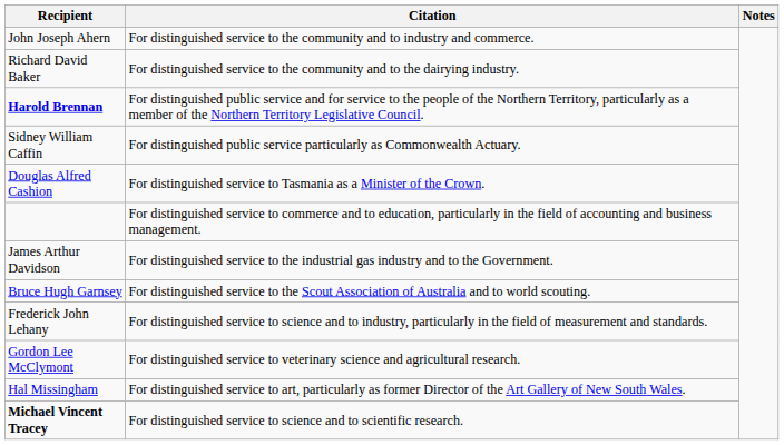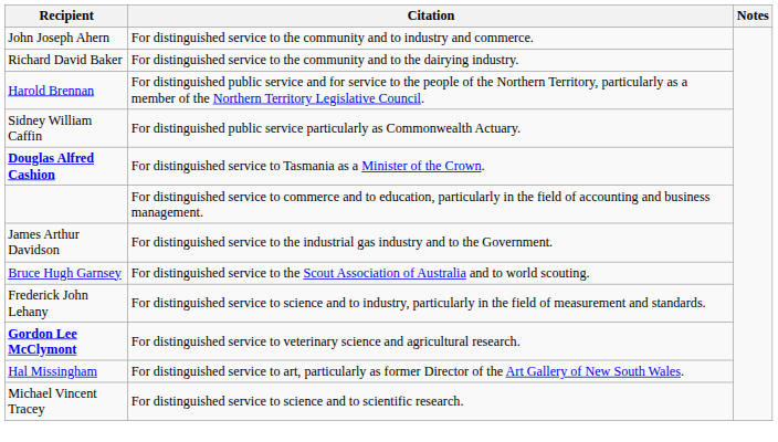 <table class="wikitable" style="font-size:95%;">
 <tr>
 <th>Recipient</th>
 <th>Citation</th>
 <th>Notes</th>
 </tr>
 <tr>
 <td>John Joseph Ahern</td>
 <td>For distinguished service to the community and to industry and commerce.</td>
 <td rowspan=12></td>
 </tr>
 <tr>
 <td>Richard David Baker</td>
 <td>For distinguished service to the community and to the dairying industry.</td>
 </tr>
 <tr>
-<td><strong><a href='#'>Harold Brennan</a></strong></td>
+<td><a href='#'>Harold Brennan</a></td>
 <td>For distinguished public service and for service to the people of the Northern Territory, particularly as a member of the <a href='#'>Northern Territory Legislative Council</a>.</td>
 </tr>
 <tr>
 <td>Sidney William Caffin </td>
 <td>For distinguished public service particularly as Commonwealth Actuary.</td>
 </tr>
 <tr>
-<td><a href='#'>Douglas Alfred Cashion</a></td>
+<td><strong><a href='#'>Douglas Alfred Cashion</a></strong></td>
 <td>For distinguished service to Tasmania as a <a href='#'>Minister of the Crown</a>.</td>
 </tr>
 <tr>
 <td></td>
 <td>For distinguished service to commerce and to education, particularly in the field of accounting and business management.</td>
 </tr>
 <tr>
 <td>James Arthur Davidson</td>
 <td>For distinguished service to the industrial gas industry and to the Government.</td>
 </tr>
 <tr>
 <td><a href='#'>Bruce Hugh Garnsey</a> </td>
 <td>For distinguished service to the <a href='#'>Scout Association of Australia</a> and to world scouting.</td>
 </tr>
 <tr>
 <td>Frederick John Lehany</td>
 <td>For distinguished service to science and to industry, particularly in the field of measurement and standards.</td>
 </tr>
 <tr>
-<td> <a href='#'>Gordon Lee McClymont</a></td>
+<td><strong> <a href='#'>Gordon Lee McClymont</a></strong></td>
 <td>For distinguished service to veterinary science and agricultural research.</td>
 </tr>
 <tr>
 <td><a href='#'>Hal Missingham</a></td>
 <td>For distinguished service to art, particularly as former Director of the <a href='#'>Art Gallery of New South Wales</a>.</td>
 </tr>
 <tr>
-<td><strong>Michael Vincent Tracey</strong></td>
+<td>Michael Vincent Tracey</td>
 <td>For distinguished service to science and to scientific research.</td>
 </tr>
 </table>
